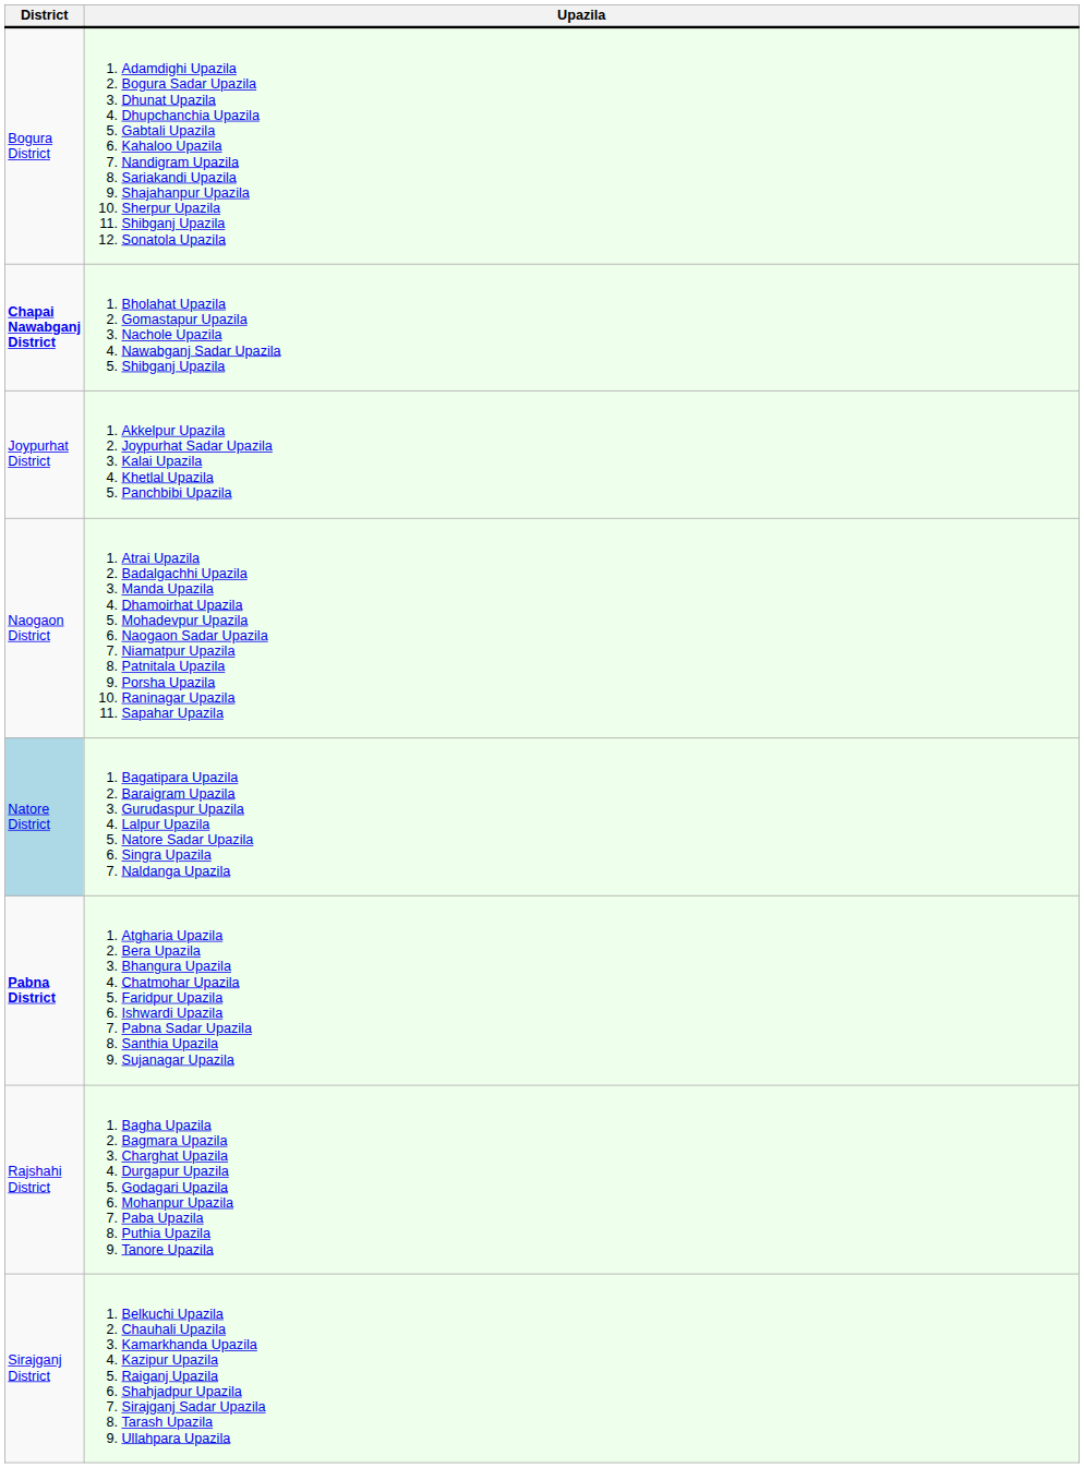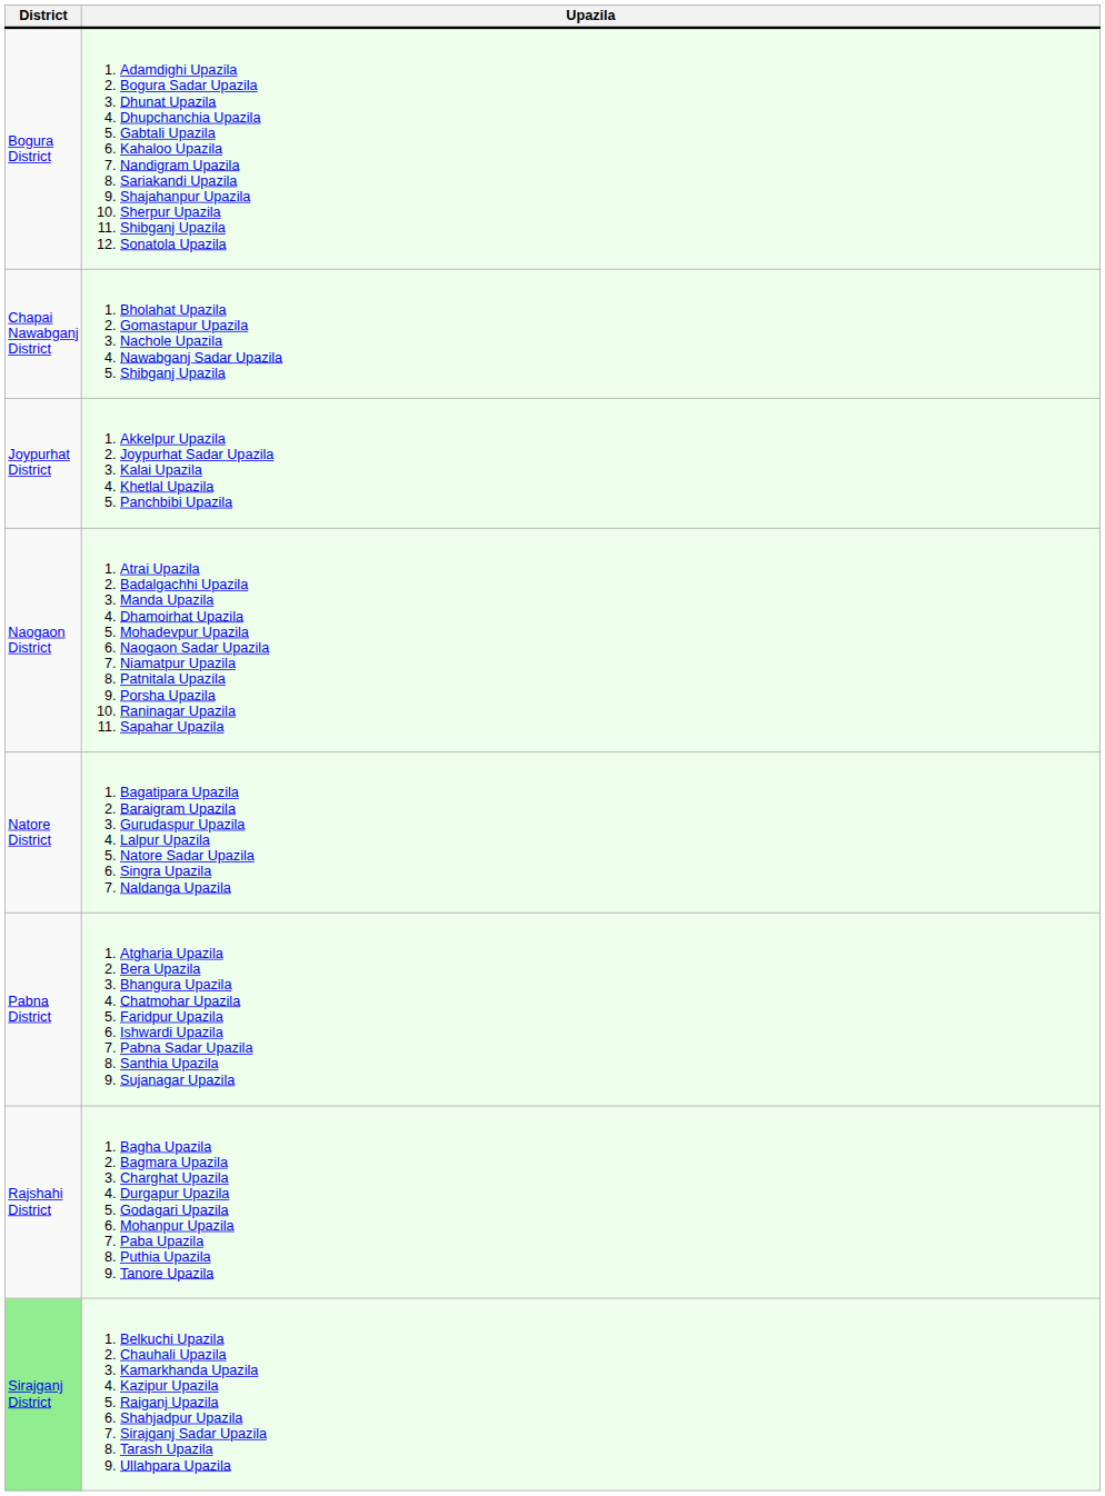 <table class="wikitable">
 <tr>
 <th>District</th>
 <th colspan="7" width="100%">Upazila</th>
 </tr>
 <tr style="border-top: 3px solid black">
 <td rowspan="1"><a href='#'>Bogura District</a></td>
 <td colspan="2" style="background: #eeffeb"><br><ol><li><a href='#'>Adamdighi Upazila</a></li><li><a href='#'>Bogura Sadar Upazila</a></li><li><a href='#'>Dhunat Upazila</a></li><li><a href='#'>Dhupchanchia Upazila</a></li><li><a href='#'>Gabtali Upazila</a></li><li><a href='#'>Kahaloo Upazila</a></li><li><a href='#'>Nandigram Upazila</a></li><li><a href='#'>Sariakandi Upazila</a></li><li><a href='#'>Shajahanpur Upazila</a></li><li><a href='#'>Sherpur Upazila</a></li><li><a href='#'>Shibganj Upazila</a></li><li><a href='#'>Sonatola Upazila</a></li></ol></td>
 </tr>
 <tr>
-<td rowspan="1"><strong><a href='#'>Chapai Nawabganj District</a></strong></td>
+<td rowspan="1"><a href='#'>Chapai Nawabganj District</a></td>
 <td colspan="2" style="background: #eeffeb"><br><ol><li><a href='#'>Bholahat Upazila</a></li><li><a href='#'>Gomastapur Upazila</a></li><li><a href='#'>Nachole Upazila</a></li><li><a href='#'>Nawabganj Sadar Upazila</a></li><li><a href='#'>Shibganj Upazila</a></li></ol></td>
 </tr>
 <tr>
 <td rowspan="1"><a href='#'>Joypurhat District</a></td>
 <td colspan="2" style="background: #eeffeb"><br><ol><li><a href='#'>Akkelpur Upazila</a></li><li><a href='#'>Joypurhat Sadar Upazila</a></li><li><a href='#'>Kalai Upazila</a></li><li><a href='#'>Khetlal Upazila</a></li><li><a href='#'>Panchbibi Upazila</a></li></ol></td>
 </tr>
 <tr>
 <td rowspan="1"><a href='#'>Naogaon District</a></td>
 <td colspan="2" style="background: #eeffeb"><br><ol><li><a href='#'>Atrai Upazila</a></li><li><a href='#'>Badalgachhi Upazila</a></li><li><a href='#'>Manda Upazila</a></li><li><a href='#'>Dhamoirhat Upazila</a></li><li><a href='#'>Mohadevpur Upazila</a></li><li><a href='#'>Naogaon Sadar Upazila</a></li><li><a href='#'>Niamatpur Upazila</a></li><li><a href='#'>Patnitala Upazila</a></li><li><a href='#'>Porsha Upazila</a></li><li><a href='#'>Raninagar Upazila</a></li><li><a href='#'>Sapahar Upazila</a></li></ol></td>
 </tr>
 <tr>
-<td rowspan="1" style="background: lightblue;"><a href='#'>Natore District</a></td>
+<td rowspan="1"><a href='#'>Natore District</a></td>
 <td colspan="2" style="background: #eeffeb"><br><ol><li><a href='#'>Bagatipara Upazila</a></li><li><a href='#'>Baraigram Upazila</a></li><li><a href='#'>Gurudaspur Upazila</a></li><li><a href='#'>Lalpur Upazila</a></li><li><a href='#'>Natore Sadar Upazila</a></li><li><a href='#'>Singra Upazila</a></li><li><a href='#'>Naldanga Upazila</a></li></ol></td>
 </tr>
 <tr>
-<td rowspan="1"><strong><a href='#'>Pabna District</a></strong></td>
+<td rowspan="1"><a href='#'>Pabna District</a></td>
 <td colspan="2" style="background: #eeffeb"><br><ol><li><a href='#'>Atgharia Upazila</a></li><li><a href='#'>Bera Upazila</a></li><li><a href='#'>Bhangura Upazila</a></li><li><a href='#'>Chatmohar Upazila</a></li><li><a href='#'>Faridpur Upazila</a></li><li><a href='#'>Ishwardi Upazila</a></li><li><a href='#'>Pabna Sadar Upazila</a></li><li><a href='#'>Santhia Upazila</a></li><li><a href='#'>Sujanagar Upazila</a></li></ol></td>
 </tr>
 <tr>
 <td rowspan="1"><a href='#'>Rajshahi District</a></td>
 <td colspan="2" style="background: #eeffeb"><br><ol><li><a href='#'>Bagha Upazila</a></li><li><a href='#'>Bagmara Upazila</a></li><li><a href='#'>Charghat Upazila</a></li><li><a href='#'>Durgapur Upazila</a></li><li><a href='#'>Godagari Upazila</a></li><li><a href='#'>Mohanpur Upazila</a></li><li><a href='#'>Paba Upazila</a></li><li><a href='#'>Puthia Upazila</a></li><li><a href='#'>Tanore Upazila</a></li></ol></td>
 </tr>
 <tr>
-<td rowspan="1"><a href='#'>Sirajganj District</a></td>
+<td rowspan="1" style="background: lightgreen;"><a href='#'>Sirajganj District</a></td>
 <td colspan="2" style="background: #eeffeb"><br><ol><li><a href='#'>Belkuchi Upazila</a></li><li><a href='#'>Chauhali Upazila</a></li><li><a href='#'>Kamarkhanda Upazila</a></li><li><a href='#'>Kazipur Upazila</a></li><li><a href='#'>Raiganj Upazila</a></li><li><a href='#'>Shahjadpur Upazila</a></li><li><a href='#'>Sirajganj Sadar Upazila</a></li><li><a href='#'>Tarash Upazila</a></li><li><a href='#'>Ullahpara Upazila</a></li></ol></td>
 </tr>
 </table>
